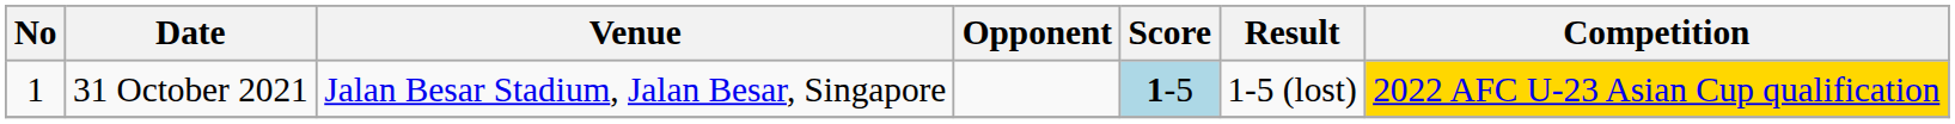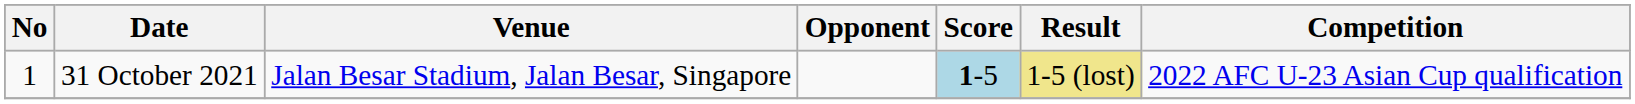 <table class="wikitable">
 <tr>
 <th>No</th>
 <th>Date</th>
 <th>Venue</th>
 <th>Opponent</th>
 <th>Score</th>
 <th>Result</th>
 <th>Competition</th>
 </tr>
 <tr>
 <td align=center>1</td>
 <td>31 October 2021</td>
 <td><a href='#'>Jalan Besar Stadium</a>, <a href='#'>Jalan Besar</a>, Singapore</td>
 <td></td>
 <td align=center style="background: lightblue;"><strong>1</strong>-5</td>
-<td align=center>1-5 (lost)</td>
-<td style="background: gold;"><a href='#'>2022 AFC U-23 Asian Cup qualification</a></td>
+<td align=center style="background: khaki;">1-5 (lost)</td>
+<td><a href='#'>2022 AFC U-23 Asian Cup qualification</a></td>
 </tr>
 <tr>
 </tr>
 </table>
